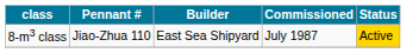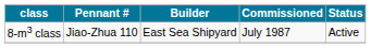 <table class="wikitable">
 <tr>
 <th style="background:#079;color:#fff;">class</th>
 <th style="background:#079;color:#fff;">Pennant #</th>
 <th style="background:#079;color:#fff;">Builder</th>
 <th style="background:#079;color:#fff;">Commissioned</th>
 <th style="background:#079;color:#fff;">Status</th>
 </tr>
 <tr>
 <td>8-m<sup>3</sup> class</td>
 <td>Jiao-Zhua 110</td>
 <td>East Sea Shipyard</td>
 <td>July 1987</td>
-<td style="background: gold;">Active</td>
+<td>Active</td>
 </tr>
 <tr>
 </tr>
 </table>
